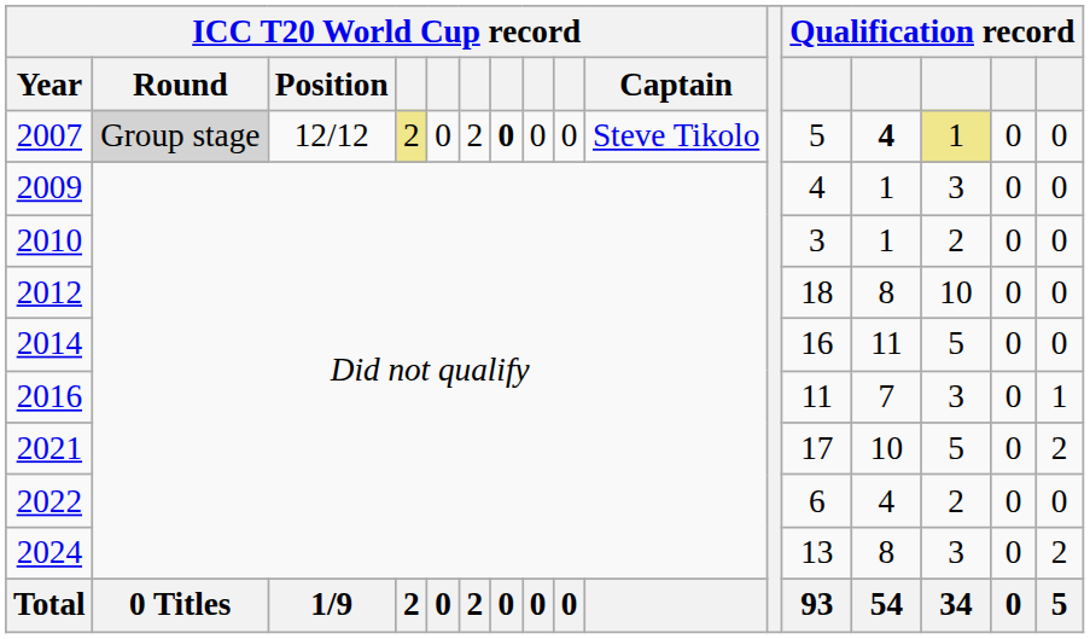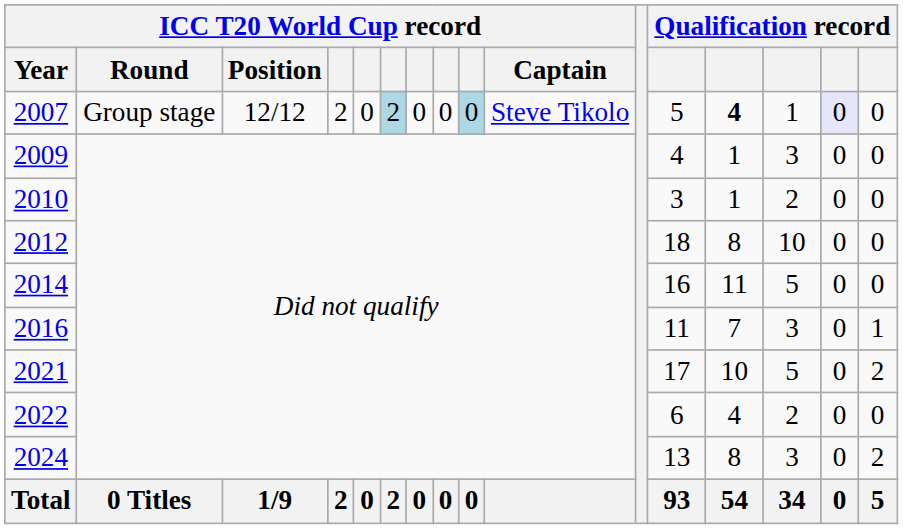 <table class="wikitable" style="text-align: center;">
 <tr>
 <th colspan=10><a href='#'>ICC T20 World Cup</a> record</th>
 <th rowspan="14"></th>
 <th colspan=5><a href='#'>Qualification</a> record</th>
 </tr>
 <tr>
 <th scope="col">Year</th>
 <th scope="col">Round</th>
 <th scope="col">Position</th>
 <th scope="col"></th>
 <th scope="col"></th>
 <th scope="col"></th>
 <th scope="col"></th>
 <th scope="col"></th>
 <th scope="col"></th>
 <th scope="col">Captain</th>
 <th scope="col"></th>
 <th scope="col"></th>
 <th scope="col"></th>
 <th scope="col"></th>
 <th scope="col"></th>
 </tr>
 <tr>
 <td> <a href='#'>2007</a></td>
-<td style="background: lightgrey;">Group stage</td>
+<td>Group stage</td>
 <td>12/12</td>
-<td style="background: khaki;">2</td>
+<td>2</td>
 <td>0</td>
-<td>2</td>
-<td><strong>0</strong></td>
+<td style="background: lightblue;">2</td>
 <td>0</td>
 <td>0</td>
+<td style="background: lightblue;">0</td>
 <td><a href='#'>Steve Tikolo</a></td>
 <td>5</td>
 <td><strong>4</strong></td>
-<td style="background: khaki;">1</td>
-<td>0</td>
+<td>1</td>
+<td style="background: lavender;">0</td>
 <td>0</td>
 </tr>
 <tr>
 <td> <a href='#'>2009</a></td>
 <td colspan="9" rowspan="8"><em>Did not qualify</em></td>
 <td>4</td>
 <td>1</td>
 <td>3</td>
 <td>0</td>
 <td>0</td>
 </tr>
 <tr>
 <td> <a href='#'>2010</a></td>
 <td>3</td>
 <td>1</td>
 <td>2</td>
 <td>0</td>
 <td>0</td>
 </tr>
 <tr>
 <td> <a href='#'>2012</a></td>
 <td>18</td>
 <td>8</td>
 <td>10</td>
 <td>0</td>
 <td>0</td>
 </tr>
 <tr>
 <td> <a href='#'>2014</a></td>
 <td>16</td>
 <td>11</td>
 <td>5</td>
 <td>0</td>
 <td>0</td>
 </tr>
 <tr>
 <td> <a href='#'>2016</a></td>
 <td>11</td>
 <td>7</td>
 <td>3</td>
 <td>0</td>
 <td>1</td>
 </tr>
 <tr>
 <td>  <a href='#'>2021</a></td>
 <td>17</td>
 <td>10</td>
 <td>5</td>
 <td>0</td>
 <td>2</td>
 </tr>
 <tr>
 <td> <a href='#'>2022</a></td>
 <td>6</td>
 <td>4</td>
 <td>2</td>
 <td>0</td>
 <td>0</td>
 </tr>
 <tr>
 <td>  <a href='#'>2024</a></td>
 <td>13</td>
 <td>8</td>
 <td>3</td>
 <td>0</td>
 <td>2</td>
 </tr>
 <tr>
 <th><strong>Total</strong></th>
 <th><strong>0 Titles</strong></th>
 <th><strong>1/9</strong></th>
 <th><strong>2</strong></th>
 <th><strong>0</strong></th>
 <th><strong>2</strong></th>
 <th><strong>0</strong></th>
 <th><strong>0</strong></th>
 <th><strong>0</strong></th>
 <th></th>
 <th><strong>93</strong></th>
 <th><strong>54</strong></th>
 <th><strong>34</strong></th>
 <th><strong>0</strong></th>
 <th><strong>5</strong></th>
 </tr>
 </table>
